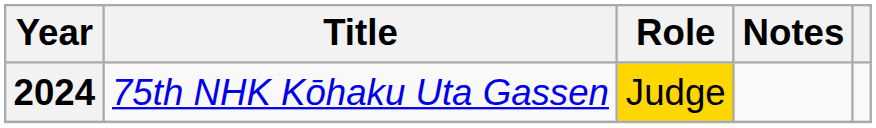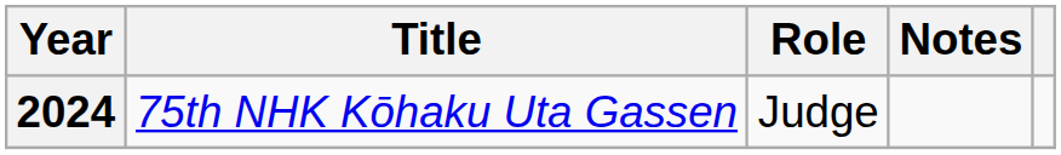 <table class="wikitable plainrowheaders sortable">
 <tr>
 <th scope="col">Year</th>
 <th scope"col">Title</th>
 <th scope="col">Role</th>
 <th scope="col" class="unsortable">Notes</th>
 <th scope="col" class="unsortable"></th>
 </tr>
 <tr>
 <th scope="row">2024</th>
 <td><em><a href='#'>75th NHK Kōhaku Uta Gassen</a></em></td>
-<td style="background: gold;">Judge</td>
+<td>Judge</td>
 <td></td>
 <td style="text-align:center"></td>
 </tr>
 <tr>
 </tr>
 </table>
